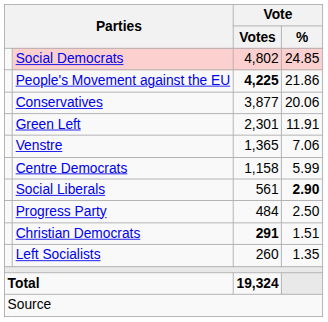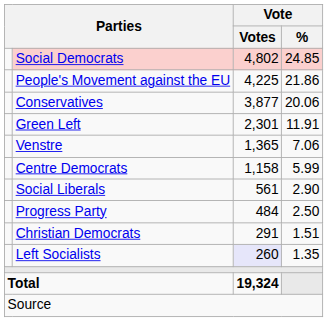 <table class="wikitable" style="text-align:right;">
 <tr>
 <th style="text-align:centre;" rowspan="2" colspan="2" width="225">Parties</th>
 <th colspan="3">Vote</th>
 </tr>
 <tr>
 <th width="15">Votes</th>
 <th width="15">%</th>
 </tr>
 <tr>
 <td width="2" style="color:inherit;background:"></td>
 <td bgcolor=#fbd0ce   align="left"><a href='#'>Social Democrats</a></td>
 <td bgcolor=#fbd0ce>4,802</td>
 <td bgcolor=#fbd0ce>24.85</td>
 </tr>
 <tr>
 <td width="2" style="color:inherit;background:"></td>
 <td align="left"><a href='#'>People's Movement against the EU</a></td>
-<td><strong>4,225</strong></td>
+<td>4,225</td>
 <td>21.86</td>
 </tr>
 <tr>
 <td width="2" style="color:inherit;background:"></td>
 <td align="left"><a href='#'>Conservatives</a></td>
 <td>3,877</td>
 <td>20.06</td>
 </tr>
 <tr>
 <td width="2" style="color:inherit;background:"></td>
 <td align="left"><a href='#'>Green Left</a></td>
 <td>2,301</td>
 <td>11.91</td>
 </tr>
 <tr>
 <td width="2" style="color:inherit;background:"></td>
 <td align="left"><a href='#'>Venstre</a></td>
 <td>1,365</td>
 <td>7.06</td>
 </tr>
 <tr>
 <td width="2" style="color:inherit;background:"></td>
 <td align="left"><a href='#'>Centre Democrats</a></td>
 <td>1,158</td>
 <td>5.99</td>
 </tr>
 <tr>
 <td width="2" style="color:inherit;background:"></td>
 <td align="left"><a href='#'>Social Liberals</a></td>
 <td>561</td>
-<td><strong>2.90</strong></td>
+<td>2.90</td>
 </tr>
 <tr>
 <td width="2" style="color:inherit;background:"></td>
 <td align="left"><a href='#'>Progress Party</a></td>
 <td>484</td>
 <td>2.50</td>
 </tr>
 <tr>
 <td width="2" style="color:inherit;background:"></td>
 <td align="left"><a href='#'>Christian Democrats</a></td>
-<td><strong>291</strong></td>
+<td>291</td>
 <td>1.51</td>
 </tr>
 <tr>
 <td width="2" style="color:inherit;background:"></td>
 <td align="left"><a href='#'>Left Socialists</a></td>
-<td>260</td>
+<td style="background: lavender;">260</td>
 <td>1.35</td>
 </tr>
 <tr>
 <td colspan="7" bgcolor="#E9E9E9"></td>
 </tr>
 <tr>
 <td align="left" colspan="2"><strong>Total</strong></td>
 <td><strong>19,324</strong></td>
 <td bgcolor="#E9E9E9" colspan="2"></td>
 </tr>
 <tr>
 <td align="left" colspan="6">Source</td>
 </tr>
 </table>
